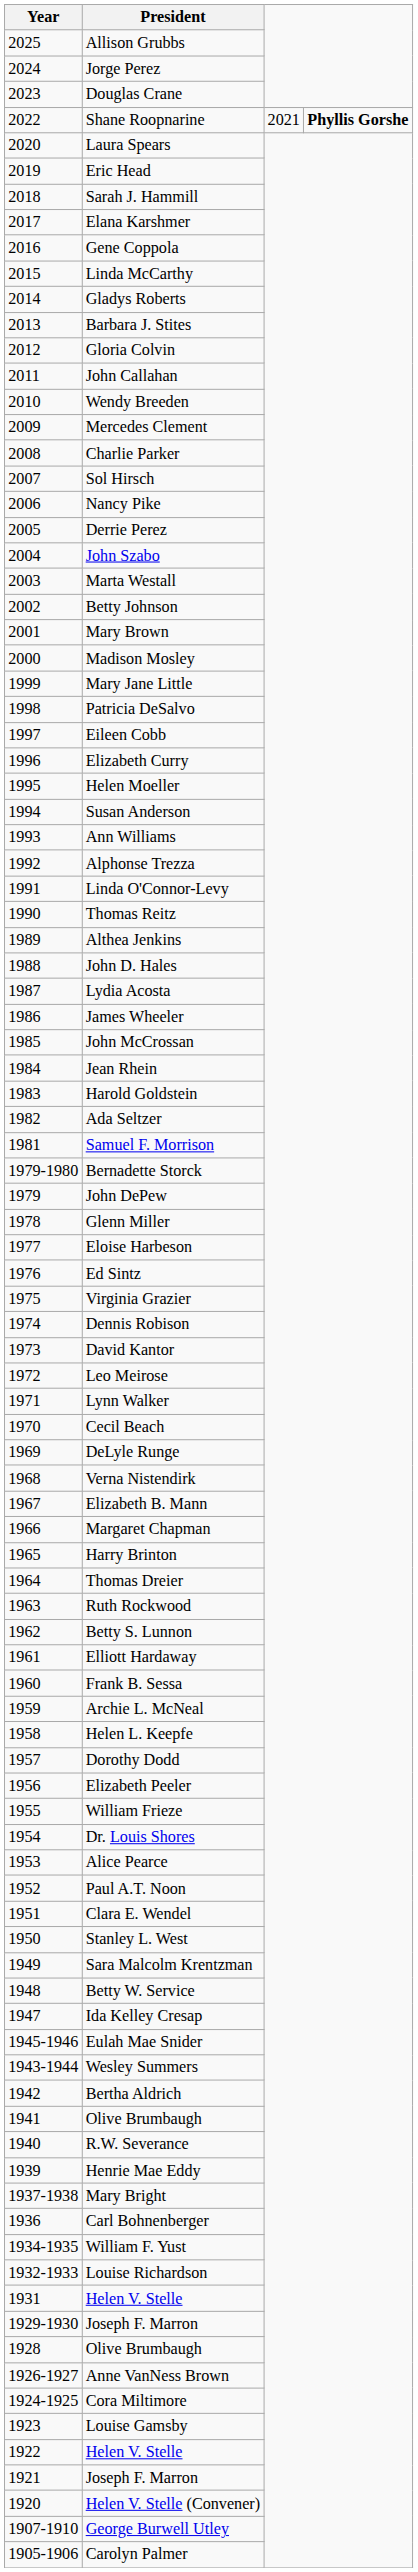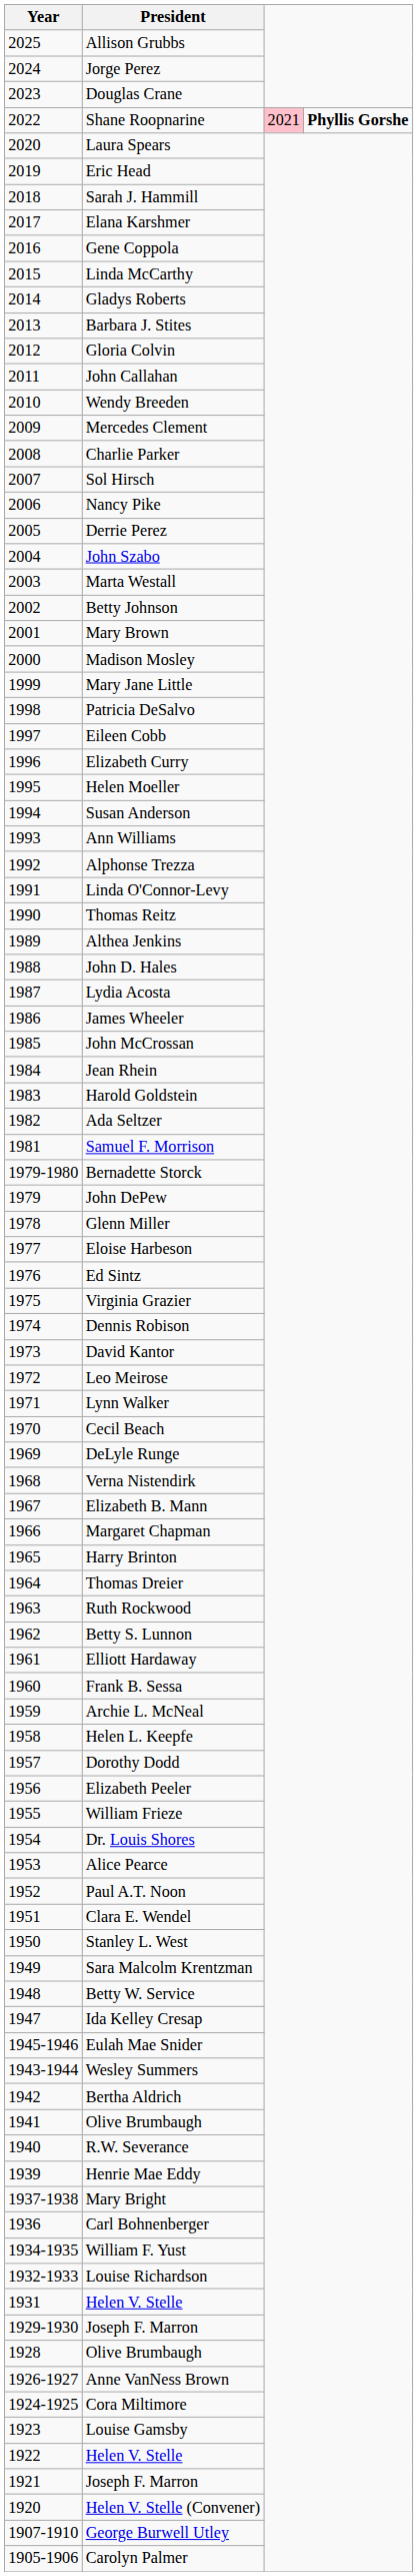 <table class="wikitable">
 <tr>
 <th>Year</th>
 <th>President</th>
 </tr>
 <tr>
 <td>2025</td>
 <td>Allison Grubbs</td>
 </tr>
 <tr>
 <td>2024</td>
 <td>Jorge Perez</td>
 </tr>
 <tr>
 <td>2023</td>
 <td>Douglas Crane</td>
 </tr>
 <tr>
 <td>2022</td>
 <td>Shane Roopnarine</td>
-<td>2021</td>
+<td style="background: pink;">2021</td>
 <td><strong>Phyllis Gorshe</strong></td>
 </tr>
 <tr>
 <td>2020</td>
 <td>Laura Spears</td>
 </tr>
 <tr>
 <td>2019</td>
 <td>Eric Head</td>
 </tr>
 <tr>
 <td>2018</td>
 <td>Sarah J. Hammill</td>
 </tr>
 <tr>
 <td>2017</td>
 <td>Elana Karshmer</td>
 </tr>
 <tr>
 <td>2016</td>
 <td>Gene Coppola</td>
 </tr>
 <tr>
 <td>2015</td>
 <td>Linda McCarthy</td>
 </tr>
 <tr>
 <td>2014</td>
 <td>Gladys Roberts</td>
 </tr>
 <tr>
 <td>2013</td>
 <td>Barbara J. Stites</td>
 </tr>
 <tr>
 <td>2012</td>
 <td>Gloria Colvin</td>
 </tr>
 <tr>
 <td>2011</td>
 <td>John Callahan</td>
 </tr>
 <tr>
 <td>2010</td>
 <td>Wendy Breeden</td>
 </tr>
 <tr>
 <td>2009</td>
 <td>Mercedes Clement</td>
 </tr>
 <tr>
 <td>2008</td>
 <td>Charlie Parker</td>
 </tr>
 <tr>
 <td>2007</td>
 <td>Sol Hirsch</td>
 </tr>
 <tr>
 <td>2006</td>
 <td>Nancy Pike</td>
 </tr>
 <tr>
 <td>2005</td>
 <td>Derrie Perez</td>
 </tr>
 <tr>
 <td>2004</td>
 <td><a href='#'>John Szabo</a></td>
 </tr>
 <tr>
 <td>2003</td>
 <td>Marta Westall</td>
 </tr>
 <tr>
 <td>2002</td>
 <td>Betty Johnson</td>
 </tr>
 <tr>
 <td>2001</td>
 <td>Mary Brown</td>
 </tr>
 <tr>
 <td>2000</td>
 <td>Madison Mosley</td>
 </tr>
 <tr>
 <td>1999</td>
 <td>Mary Jane Little</td>
 </tr>
 <tr>
 <td>1998</td>
 <td>Patricia DeSalvo</td>
 </tr>
 <tr>
 <td>1997</td>
 <td>Eileen Cobb</td>
 </tr>
 <tr>
 <td>1996</td>
 <td>Elizabeth Curry</td>
 </tr>
 <tr>
 <td>1995</td>
 <td>Helen Moeller</td>
 </tr>
 <tr>
 <td>1994</td>
 <td>Susan Anderson</td>
 </tr>
 <tr>
 <td>1993</td>
 <td>Ann Williams</td>
 </tr>
 <tr>
 <td>1992</td>
 <td>Alphonse Trezza</td>
 </tr>
 <tr>
 <td>1991</td>
 <td>Linda O'Connor-Levy</td>
 </tr>
 <tr>
 <td>1990</td>
 <td>Thomas Reitz</td>
 </tr>
 <tr>
 <td>1989</td>
 <td>Althea Jenkins</td>
 </tr>
 <tr>
 <td>1988</td>
 <td>John D. Hales</td>
 </tr>
 <tr>
 <td>1987</td>
 <td>Lydia Acosta</td>
 </tr>
 <tr>
 <td>1986</td>
 <td>James Wheeler</td>
 </tr>
 <tr>
 <td>1985</td>
 <td>John McCrossan</td>
 </tr>
 <tr>
 <td>1984</td>
 <td>Jean Rhein</td>
 </tr>
 <tr>
 <td>1983</td>
 <td>Harold Goldstein</td>
 </tr>
 <tr>
 <td>1982</td>
 <td>Ada Seltzer</td>
 </tr>
 <tr>
 <td>1981</td>
 <td><a href='#'>Samuel F. Morrison</a></td>
 </tr>
 <tr>
 <td>1979-1980</td>
 <td>Bernadette Storck</td>
 </tr>
 <tr>
 <td>1979</td>
 <td>John DePew</td>
 </tr>
 <tr>
 <td>1978</td>
 <td>Glenn Miller</td>
 </tr>
 <tr>
 <td>1977</td>
 <td>Eloise Harbeson</td>
 </tr>
 <tr>
 <td>1976</td>
 <td>Ed Sintz</td>
 </tr>
 <tr>
 <td>1975</td>
 <td>Virginia Grazier</td>
 </tr>
 <tr>
 <td>1974</td>
 <td>Dennis Robison</td>
 </tr>
 <tr>
 <td>1973</td>
 <td>David Kantor</td>
 </tr>
 <tr>
 <td>1972</td>
 <td>Leo Meirose</td>
 </tr>
 <tr>
 <td>1971</td>
 <td>Lynn Walker</td>
 </tr>
 <tr>
 <td>1970</td>
 <td>Cecil Beach</td>
 </tr>
 <tr>
 <td>1969</td>
 <td>DeLyle Runge</td>
 </tr>
 <tr>
 <td>1968</td>
 <td>Verna Nistendirk</td>
 </tr>
 <tr>
 <td>1967</td>
 <td>Elizabeth B. Mann</td>
 </tr>
 <tr>
 <td>1966</td>
 <td>Margaret Chapman</td>
 </tr>
 <tr>
 <td>1965</td>
 <td>Harry Brinton</td>
 </tr>
 <tr>
 <td>1964</td>
 <td>Thomas Dreier</td>
 </tr>
 <tr>
 <td>1963</td>
 <td>Ruth Rockwood</td>
 </tr>
 <tr>
 <td>1962</td>
 <td>Betty S. Lunnon</td>
 </tr>
 <tr>
 <td>1961</td>
 <td>Elliott Hardaway</td>
 </tr>
 <tr>
 <td>1960</td>
 <td>Frank B. Sessa</td>
 </tr>
 <tr>
 <td>1959</td>
 <td>Archie L. McNeal</td>
 </tr>
 <tr>
 <td>1958</td>
 <td>Helen L. Keepfe</td>
 </tr>
 <tr>
 <td>1957</td>
 <td>Dorothy Dodd</td>
 </tr>
 <tr>
 <td>1956</td>
 <td>Elizabeth Peeler</td>
 </tr>
 <tr>
 <td>1955</td>
 <td>William Frieze</td>
 </tr>
 <tr>
 <td>1954</td>
 <td>Dr. <a href='#'>Louis Shores</a></td>
 </tr>
 <tr>
 <td>1953</td>
 <td>Alice Pearce</td>
 </tr>
 <tr>
 <td>1952</td>
 <td>Paul A.T. Noon</td>
 </tr>
 <tr>
 <td>1951</td>
 <td>Clara E. Wendel</td>
 </tr>
 <tr>
 <td>1950</td>
 <td>Stanley L. West</td>
 </tr>
 <tr>
 <td>1949</td>
 <td>Sara Malcolm Krentzman</td>
 </tr>
 <tr>
 <td>1948</td>
 <td>Betty W. Service</td>
 </tr>
 <tr>
 <td>1947</td>
 <td>Ida Kelley Cresap</td>
 </tr>
 <tr>
 <td>1945-1946</td>
 <td>Eulah Mae Snider</td>
 </tr>
 <tr>
 <td>1943-1944</td>
 <td>Wesley Summers</td>
 </tr>
 <tr>
 <td>1942</td>
 <td>Bertha Aldrich</td>
 </tr>
 <tr>
 <td>1941</td>
 <td>Olive Brumbaugh</td>
 </tr>
 <tr>
 <td>1940</td>
 <td>R.W. Severance</td>
 </tr>
 <tr>
 <td>1939</td>
 <td>Henrie Mae Eddy</td>
 </tr>
 <tr>
 <td>1937-1938</td>
 <td>Mary Bright</td>
 </tr>
 <tr>
 <td>1936</td>
 <td>Carl Bohnenberger</td>
 </tr>
 <tr>
 <td>1934-1935</td>
 <td>William F. Yust</td>
 </tr>
 <tr>
 <td>1932-1933</td>
 <td>Louise Richardson</td>
 </tr>
 <tr>
 <td>1931</td>
 <td><a href='#'>Helen V. Stelle</a></td>
 </tr>
 <tr>
 <td>1929-1930</td>
 <td>Joseph F. Marron</td>
 </tr>
 <tr>
 <td>1928</td>
 <td>Olive Brumbaugh</td>
 </tr>
 <tr>
 <td>1926-1927</td>
 <td>Anne VanNess Brown</td>
 </tr>
 <tr>
 <td>1924-1925</td>
 <td>Cora Miltimore</td>
 </tr>
 <tr>
 <td>1923</td>
 <td>Louise Gamsby</td>
 </tr>
 <tr>
 <td>1922</td>
 <td><a href='#'>Helen V. Stelle</a></td>
 </tr>
 <tr>
 <td>1921</td>
 <td>Joseph F. Marron</td>
 </tr>
 <tr>
 <td>1920</td>
 <td><a href='#'>Helen V. Stelle</a> (Convener)</td>
 </tr>
 <tr>
 <td>1907-1910</td>
 <td><a href='#'>George Burwell Utley</a></td>
 </tr>
 <tr>
 <td>1905-1906</td>
 <td>Carolyn Palmer</td>
 </tr>
 </table>
